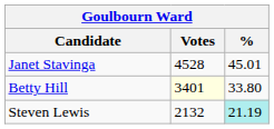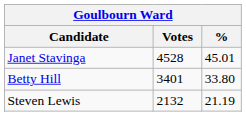 <table class="wikitable">
 <tr>
 <th colspan="3"><a href='#'>Goulbourn Ward</a></th>
 </tr>
 <tr>
 <th style="width: 170px">Candidate</th>
 <th style="width: 50px">Votes</th>
 <th style="width: 40px">%</th>
 </tr>
 <tr>
 <td><a href='#'>Janet Stavinga</a></td>
 <td>4528</td>
 <td>45.01</td>
 </tr>
 <tr>
 <td><a href='#'>Betty Hill</a></td>
-<td style="background: lightyellow;">3401</td>
+<td>3401</td>
 <td>33.80</td>
 </tr>
 <tr>
 <td>Steven Lewis</td>
 <td>2132</td>
-<td style="background: paleturquoise;">21.19</td>
+<td>21.19</td>
 </tr>
 </table>
